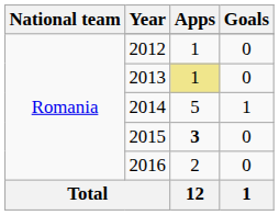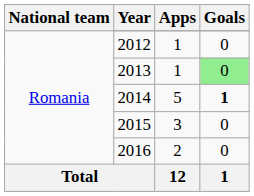 <table class="wikitable" style="text-align:center">
 <tr>
 <th>National team</th>
 <th>Year</th>
 <th>Apps</th>
 <th>Goals</th>
 </tr>
 <tr>
 <td rowspan="6"><a href='#'>Romania</a></td>
 </tr>
 <tr>
 <td>2012</td>
 <td>1</td>
 <td>0</td>
 </tr>
 <tr>
 <td>2013</td>
-<td style="background: khaki;">1</td>
-<td>0</td>
+<td>1</td>
+<td style="background: lightgreen;">0</td>
 </tr>
 <tr>
 <td>2014</td>
 <td>5</td>
-<td>1</td>
+<td><strong>1</strong></td>
 </tr>
 <tr>
 <td>2015</td>
-<td><strong>3</strong></td>
+<td>3</td>
 <td>0</td>
 </tr>
 <tr>
 <td>2016</td>
 <td>2</td>
 <td>0</td>
 </tr>
 <tr>
 <th colspan=2>Total</th>
 <th>12</th>
 <th>1</th>
 </tr>
 </table>
